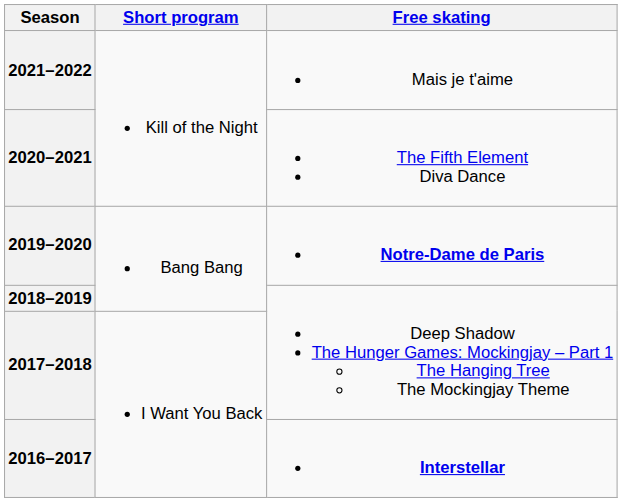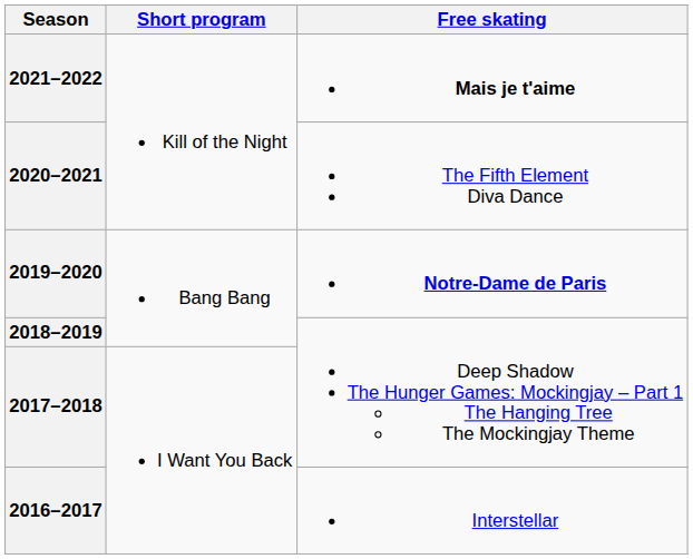 <table class=wikitable style=text-align:center>
 <tr>
 <th>Season</th>
 <th><a href='#'>Short program</a></th>
 <th><a href='#'>Free skating</a></th>
 </tr>
 <tr>
 <th>2021–2022 <br> </th>
 <td rowspan=2><br><ul><li>Kill of the Night <br></li></ul></td>
-<td><br><ul><li>Mais je t'aime <br> </li></ul></td>
+<td><strong><br><ul><li>Mais je t'aime <br> </li></ul></strong></td>
 </tr>
 <tr>
 <th>2020–2021 <br> </th>
 <td><br><ul><li><a href='#'>The Fifth Element</a> <br> </li><li>Diva Dance <br> </li></ul></td>
 </tr>
 <tr>
 <th>2019–2020 <br> </th>
 <td rowspan=2><br><ul><li>Bang Bang <br></li></ul></td>
 <td><strong><br><ul><li><a href='#'>Notre-Dame de Paris</a> <br> </li></ul></strong></td>
 </tr>
 <tr>
 <th>2018–2019 <br> </th>
 <td rowspan=2><br><ul><li>Deep Shadow <br></li><li><a href='#'>The Hunger Games: Mockingjay – Part 1</a><ul><li><a href='#'>The Hanging Tree</a> <br></li><li>The Mockingjay Theme <br></li></ul></li></ul></td>
 </tr>
 <tr>
 <th>2017–2018 <br> </th>
 <td rowspan=2><br><ul><li>I Want You Back <br></li></ul></td>
 </tr>
 <tr>
 <th>2016–2017 <br> </th>
-<td><strong><br><ul><li><a href='#'>Interstellar</a> <br></li></ul></strong></td>
+<td><br><ul><li><a href='#'>Interstellar</a> <br></li></ul></td>
 </tr>
 </table>
